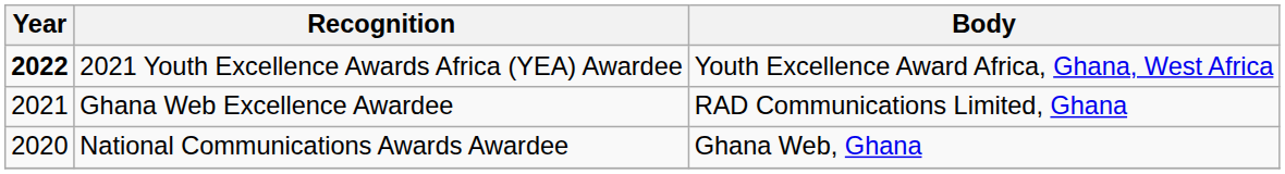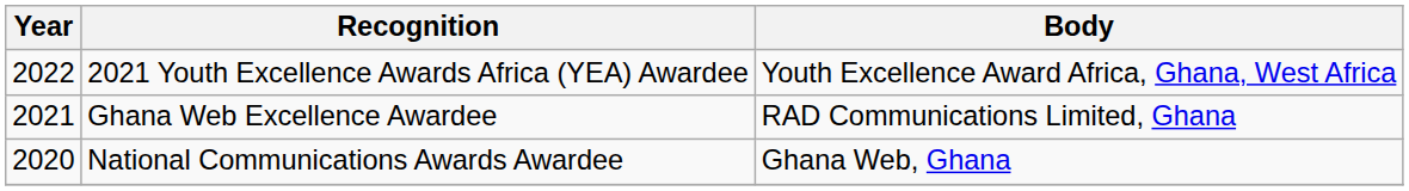 <table class="wikitable plainrowheaders sortable">
 <tr>
 <th>Year</th>
 <th>Recognition</th>
 <th>Body</th>
 </tr>
 <tr>
-<td><strong>2022</strong></td>
+<td>2022</td>
 <td>2021 Youth Excellence Awards Africa (YEA) Awardee</td>
 <td>Youth Excellence Award Africa, <a href='#'>Ghana, West Africa</a></td>
 </tr>
 <tr>
 <td>2021</td>
 <td>Ghana Web Excellence Awardee</td>
 <td>RAD Communications Limited, <a href='#'>Ghana</a></td>
 </tr>
 <tr>
 <td>2020</td>
 <td>National Communications Awards Awardee</td>
 <td>Ghana Web, <a href='#'>Ghana</a></td>
 </tr>
 <tr>
 </tr>
 </table>
